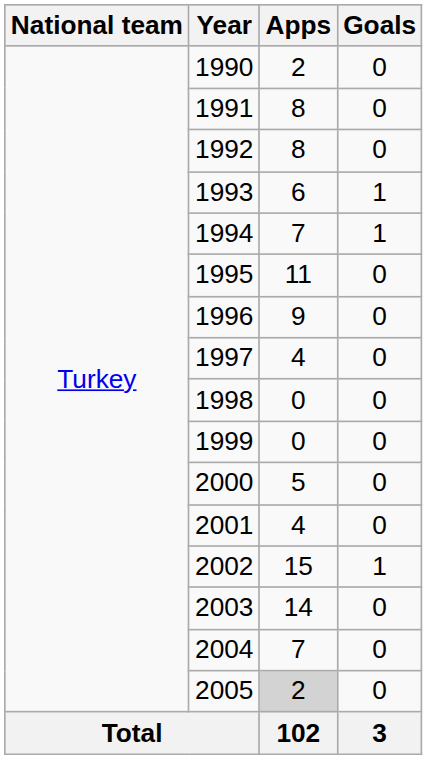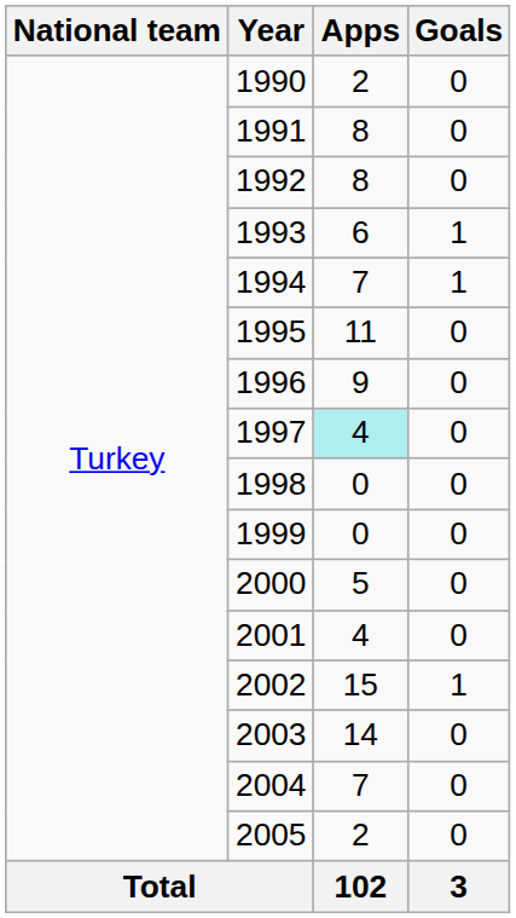 <table class="wikitable" style="text-align:center">
 <tr>
 <th>National team</th>
 <th>Year</th>
 <th>Apps</th>
 <th>Goals</th>
 </tr>
 <tr>
 <td rowspan="16"><a href='#'>Turkey</a></td>
 <td>1990</td>
 <td>2</td>
 <td>0</td>
 </tr>
 <tr>
 <td>1991</td>
 <td>8</td>
 <td>0</td>
 </tr>
 <tr>
 <td>1992</td>
 <td>8</td>
 <td>0</td>
 </tr>
 <tr>
 <td>1993</td>
 <td>6</td>
 <td>1</td>
 </tr>
 <tr>
 <td>1994</td>
 <td>7</td>
 <td>1</td>
 </tr>
 <tr>
 <td>1995</td>
 <td>11</td>
 <td>0</td>
 </tr>
 <tr>
 <td>1996</td>
 <td>9</td>
 <td>0</td>
 </tr>
 <tr>
 <td>1997</td>
-<td>4</td>
+<td style="background: paleturquoise;">4</td>
 <td>0</td>
 </tr>
 <tr>
 <td>1998</td>
 <td>0</td>
 <td>0</td>
 </tr>
 <tr>
 <td>1999</td>
 <td>0</td>
 <td>0</td>
 </tr>
 <tr>
 <td>2000</td>
 <td>5</td>
 <td>0</td>
 </tr>
 <tr>
 <td>2001</td>
 <td>4</td>
 <td>0</td>
 </tr>
 <tr>
 <td>2002</td>
 <td>15</td>
 <td>1</td>
 </tr>
 <tr>
 <td>2003</td>
 <td>14</td>
 <td>0</td>
 </tr>
 <tr>
 <td>2004</td>
 <td>7</td>
 <td>0</td>
 </tr>
 <tr>
 <td>2005</td>
-<td style="background: lightgrey;">2</td>
+<td>2</td>
 <td>0</td>
 </tr>
 <tr>
 <th colspan="2">Total</th>
 <th>102</th>
 <th>3</th>
 </tr>
 </table>
